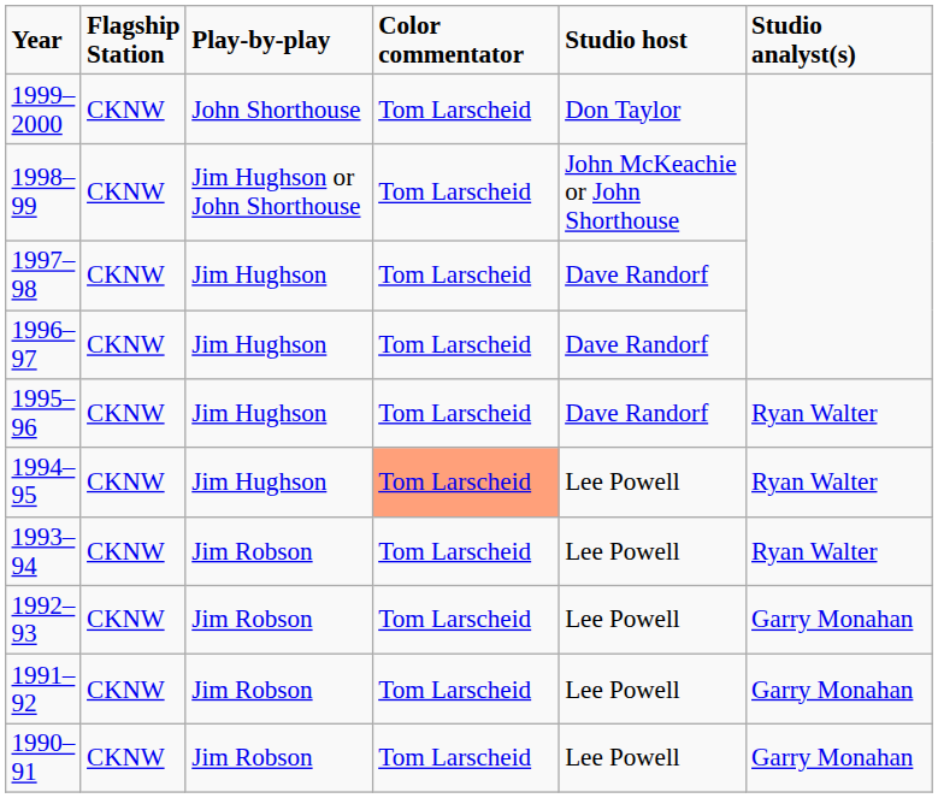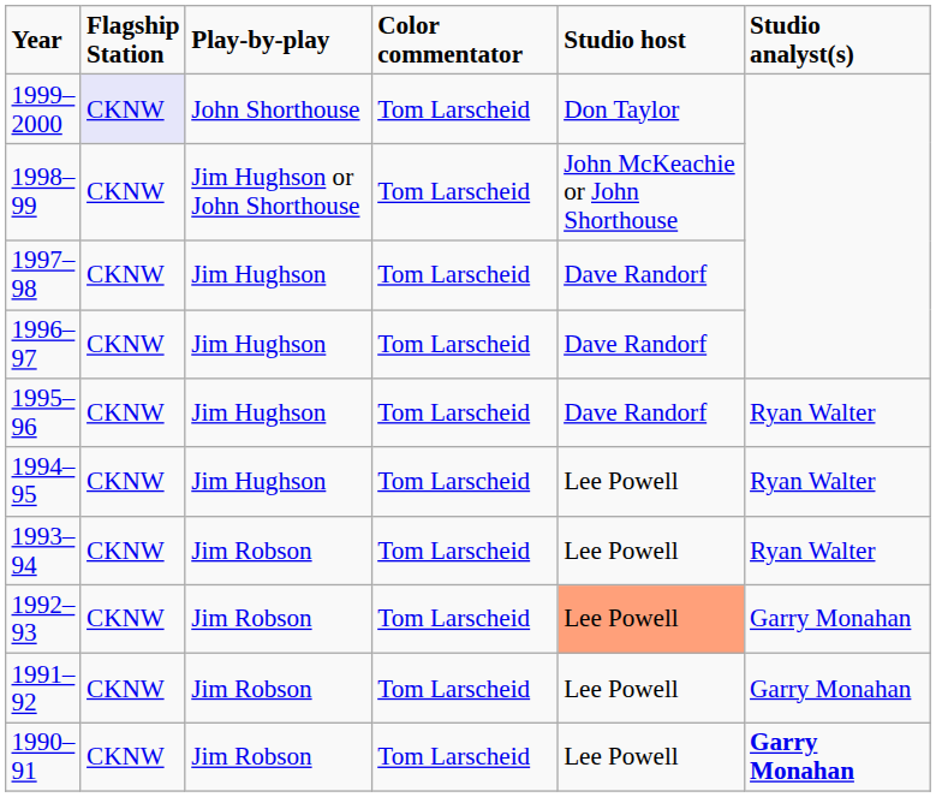 <table class="wikitable">
 <tr>
 <td style="width:40px;"><strong>Year</strong></td>
 <td style="width:40px;"><strong>Flagship Station</strong></td>
 <td style="width:110px;"><strong>Play-by-play</strong></td>
 <td style="width:110px;"><strong>Color commentator</strong></td>
 <td style="width:110px;"><strong>Studio host</strong></td>
 <td style="width:110px;"><strong>Studio analyst(s)</strong></td>
 </tr>
 <tr>
 <td><a href='#'>1999–2000</a></td>
-<td><a href='#'>CKNW</a></td>
+<td style="background: lavender;"><a href='#'>CKNW</a></td>
 <td><a href='#'>John Shorthouse</a></td>
 <td><a href='#'>Tom Larscheid</a></td>
 <td><a href='#'>Don Taylor</a></td>
 </tr>
 <tr>
 <td><a href='#'>1998–99</a></td>
 <td><a href='#'>CKNW</a></td>
 <td><a href='#'>Jim Hughson</a> or <a href='#'>John Shorthouse</a></td>
 <td><a href='#'>Tom Larscheid</a></td>
 <td><a href='#'>John McKeachie</a> or <a href='#'>John Shorthouse</a></td>
 </tr>
 <tr>
 <td><a href='#'>1997–98</a></td>
 <td><a href='#'>CKNW</a></td>
 <td><a href='#'>Jim Hughson</a></td>
 <td><a href='#'>Tom Larscheid</a></td>
 <td><a href='#'>Dave Randorf</a></td>
 </tr>
 <tr>
 <td><a href='#'>1996–97</a></td>
 <td><a href='#'>CKNW</a></td>
 <td><a href='#'>Jim Hughson</a></td>
 <td><a href='#'>Tom Larscheid</a></td>
 <td><a href='#'>Dave Randorf</a></td>
 </tr>
 <tr>
 <td><a href='#'>1995–96</a></td>
 <td><a href='#'>CKNW</a></td>
 <td><a href='#'>Jim Hughson</a></td>
 <td><a href='#'>Tom Larscheid</a></td>
 <td><a href='#'>Dave Randorf</a></td>
 <td><a href='#'>Ryan Walter</a></td>
 </tr>
 <tr>
 <td><a href='#'>1994–95</a></td>
 <td><a href='#'>CKNW</a></td>
 <td><a href='#'>Jim Hughson</a></td>
-<td style="background: lightsalmon;"><a href='#'>Tom Larscheid</a></td>
+<td><a href='#'>Tom Larscheid</a></td>
 <td>Lee Powell</td>
 <td><a href='#'>Ryan Walter</a></td>
 </tr>
 <tr>
 <td><a href='#'>1993–94</a></td>
 <td><a href='#'>CKNW</a></td>
 <td><a href='#'>Jim Robson</a></td>
 <td><a href='#'>Tom Larscheid</a></td>
 <td>Lee Powell</td>
 <td><a href='#'>Ryan Walter</a></td>
 </tr>
 <tr>
 <td><a href='#'>1992–93</a></td>
 <td><a href='#'>CKNW</a></td>
 <td><a href='#'>Jim Robson</a></td>
 <td><a href='#'>Tom Larscheid</a></td>
-<td>Lee Powell</td>
+<td style="background: lightsalmon;">Lee Powell</td>
 <td><a href='#'>Garry Monahan</a></td>
 </tr>
 <tr>
 <td><a href='#'>1991–92</a></td>
 <td><a href='#'>CKNW</a></td>
 <td><a href='#'>Jim Robson</a></td>
 <td><a href='#'>Tom Larscheid</a></td>
 <td>Lee Powell</td>
 <td><a href='#'>Garry Monahan</a></td>
 </tr>
 <tr>
 <td><a href='#'>1990–91</a></td>
 <td><a href='#'>CKNW</a></td>
 <td><a href='#'>Jim Robson</a></td>
 <td><a href='#'>Tom Larscheid</a></td>
 <td>Lee Powell</td>
-<td><a href='#'>Garry Monahan</a></td>
+<td><strong><a href='#'>Garry Monahan</a></strong></td>
 </tr>
 </table>
